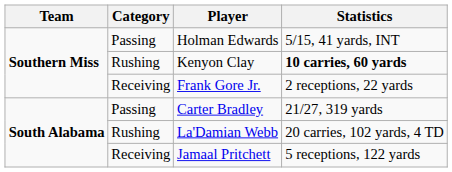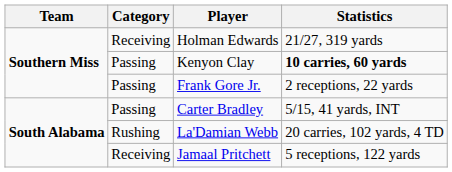 <table class="wikitable" style="float: right;">
 <tr>
 <th>Team</th>
 <th>Category</th>
 <th>Player</th>
 <th>Statistics</th>
 </tr>
 <tr>
 <td rowspan=3><strong>Southern Miss</strong></td>
-<td>Passing</td>
+<td>Receiving</td>
 <td>Holman Edwards</td>
-<td>5/15, 41 yards, INT</td>
+<td>21/27, 319 yards</td>
 </tr>
 <tr>
-<td>Rushing</td>
+<td>Passing</td>
 <td>Kenyon Clay</td>
 <td><strong>10 carries, 60 yards</strong></td>
 </tr>
 <tr>
-<td>Receiving</td>
+<td>Passing</td>
 <td><a href='#'>Frank Gore Jr.</a></td>
 <td>2 receptions, 22 yards</td>
 </tr>
 <tr>
 <td rowspan=3><strong>South Alabama</strong></td>
 <td>Passing</td>
 <td><a href='#'>Carter Bradley</a></td>
-<td>21/27, 319 yards</td>
+<td>5/15, 41 yards, INT</td>
 </tr>
 <tr>
 <td>Rushing</td>
 <td><a href='#'>La'Damian Webb</a></td>
 <td>20 carries, 102 yards, 4 TD</td>
 </tr>
 <tr>
 <td>Receiving</td>
 <td><a href='#'>Jamaal Pritchett</a></td>
 <td>5 receptions, 122 yards</td>
 </tr>
 </table>
